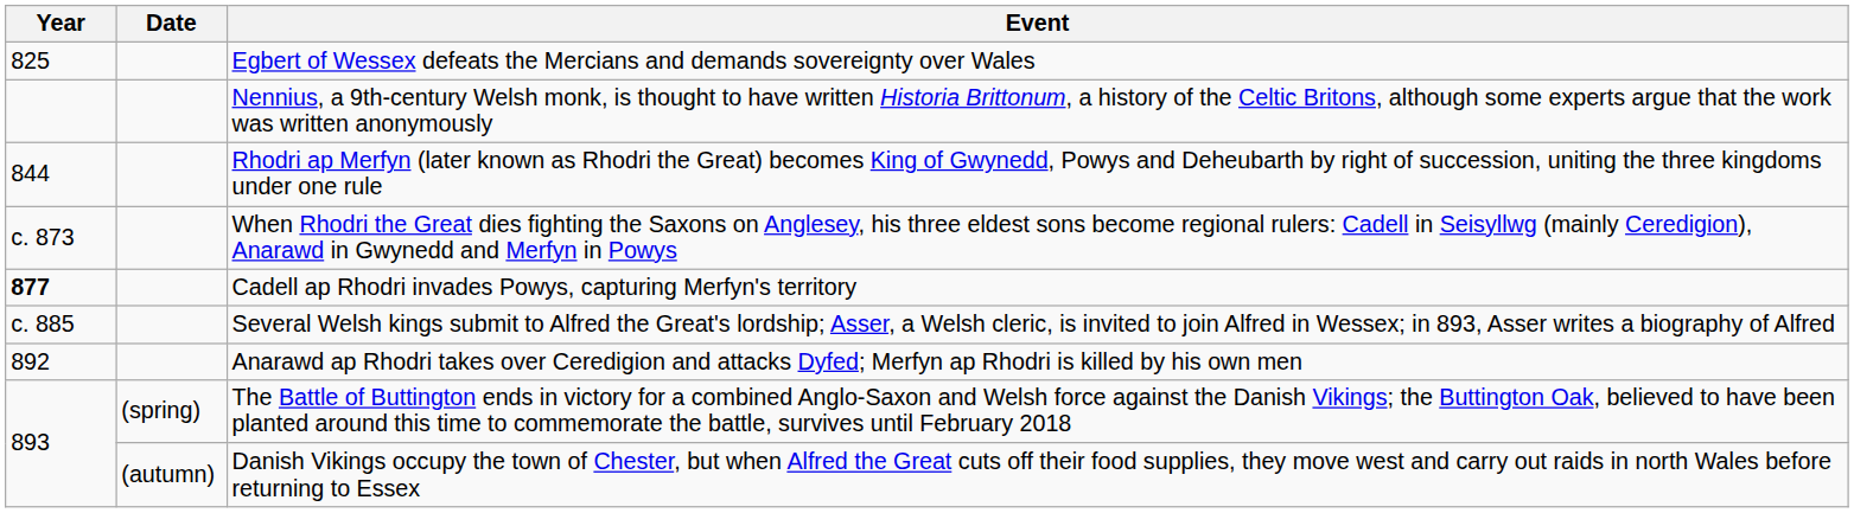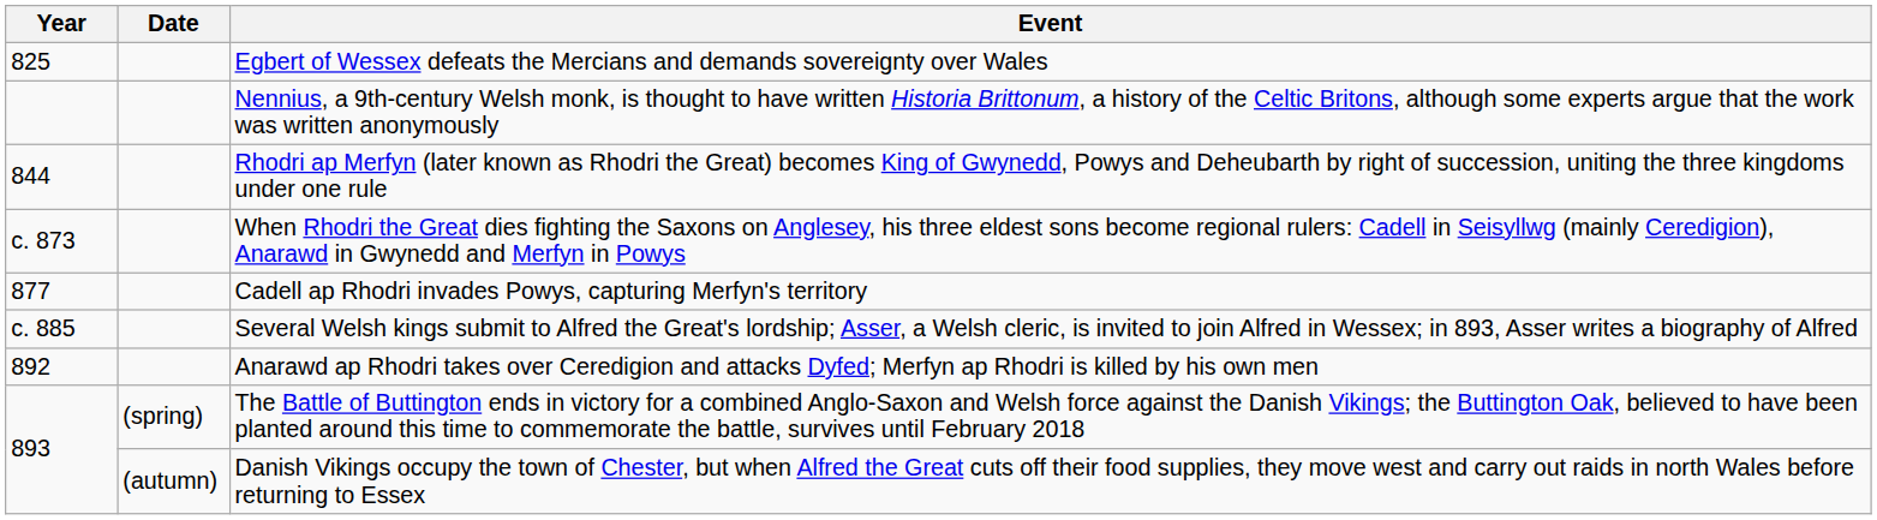 <table class="wikitable" width="100%">
 <tr>
 <th style="width:6%">Year</th>
 <th style="width:6%">Date</th>
 <th>Event</th>
 </tr>
 <tr>
 <td>825</td>
 <td></td>
 <td><a href='#'>Egbert of Wessex</a> defeats the Mercians and demands sovereignty over Wales</td>
 </tr>
 <tr>
 <td></td>
 <td></td>
 <td><a href='#'>Nennius</a>, a 9th-century Welsh monk, is thought to have written <em><a href='#'>Historia Brittonum</a></em>, a history of the <a href='#'>Celtic Britons</a>, although some experts argue that the work was written anonymously</td>
 </tr>
 <tr>
 <td>844</td>
 <td></td>
 <td><a href='#'>Rhodri ap Merfyn</a> (later known as Rhodri the Great) becomes <a href='#'>King of Gwynedd</a>, Powys and Deheubarth by right of succession, uniting the three kingdoms under one rule</td>
 </tr>
 <tr>
 <td>c. 873</td>
 <td></td>
 <td>When <a href='#'>Rhodri the Great</a> dies fighting the Saxons on <a href='#'>Anglesey</a>, his three eldest sons become regional rulers: <a href='#'>Cadell</a> in <a href='#'>Seisyllwg</a> (mainly <a href='#'>Ceredigion</a>), <a href='#'>Anarawd</a> in Gwynedd and <a href='#'>Merfyn</a> in <a href='#'>Powys</a></td>
 </tr>
 <tr>
-<td><strong>877</strong></td>
+<td>877</td>
 <td></td>
 <td>Cadell ap Rhodri invades Powys, capturing Merfyn's territory</td>
 </tr>
 <tr>
 <td>c. 885</td>
 <td></td>
 <td>Several Welsh kings submit to Alfred the Great's lordship; <a href='#'>Asser</a>, a Welsh cleric, is invited to join Alfred in Wessex; in 893, Asser writes a biography of Alfred</td>
 </tr>
 <tr>
 <td>892</td>
 <td></td>
 <td>Anarawd ap Rhodri takes over Ceredigion and attacks <a href='#'>Dyfed</a>; Merfyn ap Rhodri is killed by his own men</td>
 </tr>
 <tr>
 <td rowspan=2>893</td>
 <td>(spring)</td>
 <td>The <a href='#'>Battle of Buttington</a> ends in victory for a combined Anglo-Saxon and Welsh force against the Danish <a href='#'>Vikings</a>; the <a href='#'>Buttington Oak</a>, believed to have been planted around this time to commemorate the battle, survives until February 2018</td>
 </tr>
 <tr>
 <td>(autumn)</td>
 <td>Danish Vikings occupy the town of <a href='#'>Chester</a>, but when <a href='#'>Alfred the Great</a> cuts off their food supplies, they move west and carry out raids in north Wales before returning to Essex</td>
 </tr>
 </table>
